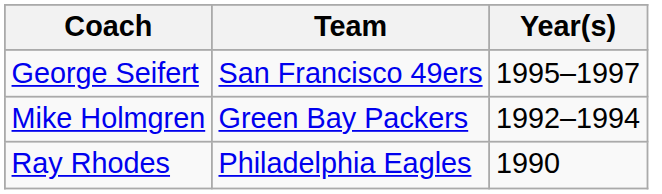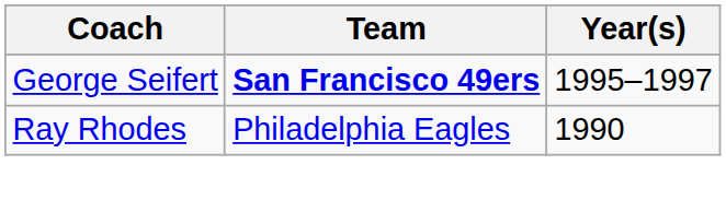 <table class="wikitable">
 <tr>
 <th>Coach</th>
 <th>Team</th>
 <th>Year(s)</th>
 </tr>
 <tr style= style="text-align:center;">
 <td><a href='#'>George Seifert</a></td>
-<td><a href='#'>San Francisco 49ers</a></td>
+<td><strong><a href='#'>San Francisco 49ers</a></strong></td>
 <td>1995–1997</td>
-</tr>
-<tr style= style="text-align:center;">
-<td><a href='#'>Mike Holmgren</a></td>
-<td><a href='#'>Green Bay Packers</a></td>
-<td>1992–1994</td>
 </tr>
 <tr style= style="text-align:center;">
 <td><a href='#'>Ray Rhodes</a></td>
 <td><a href='#'>Philadelphia Eagles</a></td>
 <td>1990</td>
 </tr>
 </table>
